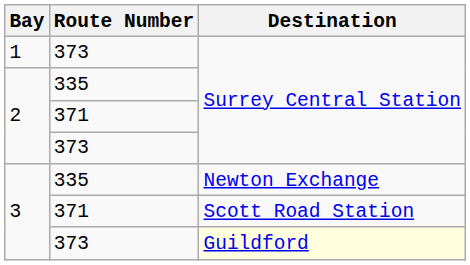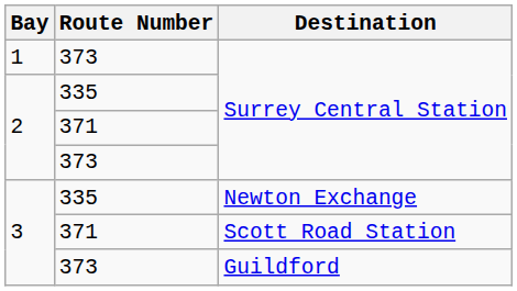 <table class="wikitable">
 <tr>
 <th>Bay</th>
 <th>Route Number</th>
 <th>Destination</th>
 </tr>
 <tr>
 <td>1</td>
 <td>373</td>
 <td rowspan="4"><a href='#'>Surrey Central Station</a></td>
 </tr>
 <tr>
 <td rowspan="3">2</td>
 <td>335</td>
 </tr>
 <tr>
 <td>371</td>
 </tr>
 <tr>
 <td>373</td>
 </tr>
 <tr>
 <td rowspan="3">3</td>
 <td>335</td>
 <td><a href='#'>Newton Exchange</a> </td>
 </tr>
 <tr>
 <td>371</td>
 <td><a href='#'>Scott Road Station</a></td>
 </tr>
 <tr>
 <td>373</td>
-<td style="background: lightyellow;"><a href='#'>Guildford</a></td>
+<td><a href='#'>Guildford</a></td>
 </tr>
 </table>
